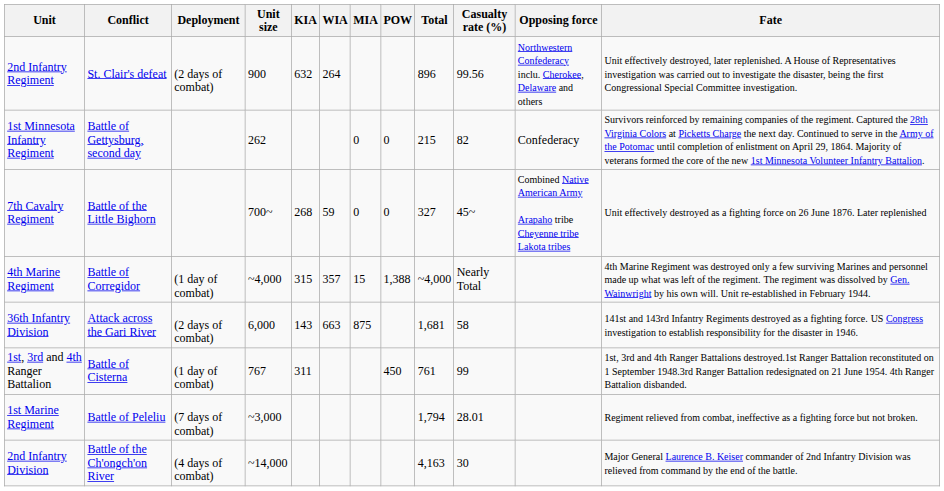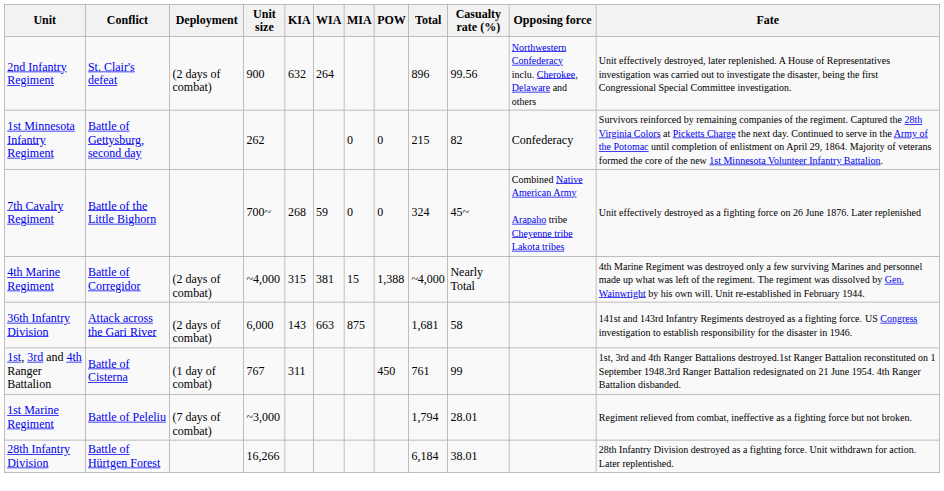 <table class="wikitable sortable">
 <tr>
 <th>Unit</th>
 <th>Conflict</th>
 <th>Deployment</th>
 <th>Unit size</th>
 <th data-sort-type="number">KIA</th>
 <th data-sort-type="number">WIA</th>
 <th data-sort-type="number">MIA</th>
 <th data-sort-type="number">POW</th>
 <th data-sort-type="number">Total</th>
 <th>Casualty rate (%)</th>
 <th>Opposing force</th>
 <th>Fate</th>
 </tr>
 <tr>
 <td><a href='#'>2nd Infantry Regiment</a></td>
 <td><a href='#'>St. Clair's defeat</a></td>
 <td><br>(2 days of combat)</td>
 <td>900</td>
 <td>632</td>
 <td>264</td>
 <td></td>
 <td></td>
 <td>896</td>
 <td>99.56</td>
 <td><small><a href='#'>Northwestern Confederacy</a></small><br><small> inclu. <a href='#'>Cherokee</a>, <a href='#'>Delaware</a> and others</small></td>
 <td><small>Unit effectively destroyed, later replenished. A House of Representatives investigation was carried out to investigate the disaster, being the first Congressional Special Committee investigation.</small></td>
 </tr>
 <tr>
 <td><a href='#'>1st Minnesota Infantry Regiment</a></td>
 <td><a href='#'>Battle of Gettysburg, second day</a></td>
 <td></td>
 <td>262</td>
 <td></td>
 <td></td>
 <td>0</td>
 <td>0</td>
 <td>215  </td>
 <td>82</td>
 <td> Confederacy</td>
 <td><small>Survivors reinforced by remaining companies of the regiment. Captured the <a href='#'>28th Virginia Colors</a> at <a href='#'>Picketts Charge</a> the next day. Continued to serve in the <a href='#'>Army of the Potomac</a> until completion of enlistment on April 29, 1864. Majority of veterans formed the core of the new <a href='#'>1st Minnesota Volunteer Infantry Battalion</a>.</small></td>
 </tr>
 <tr>
 <td><a href='#'>7th Cavalry Regiment</a></td>
 <td><a href='#'>Battle of the Little Bighorn</a></td>
 <td></td>
 <td>700~</td>
 <td>268</td>
 <td>59</td>
 <td>0</td>
 <td>0</td>
-<td>327 </td>
+<td>324 </td>
 <td>45~</td>
 <td><small>Combined <a href='#'>Native American Army</a></small><br><br> <small><a href='#'>Arapaho</a> tribe</small><br>  <small><a href='#'>Cheyenne tribe</a></small><br> <small><a href='#'>Lakota tribes</a></small><br></td>
 <td><small>Unit effectively destroyed as a fighting force on 26 June 1876. Later replenished</small></td>
 </tr>
 <tr>
 <td><a href='#'>4th Marine Regiment</a></td>
 <td><a href='#'>Battle of Corregidor</a></td>
-<td><br>(1 day of combat)</td>
+<td><br>(2 days of combat)</td>
 <td>~4,000</td>
 <td>315</td>
-<td>357</td>
+<td>381</td>
 <td>15</td>
 <td>1,388</td>
 <td>~4,000</td>
 <td>Nearly Total</td>
 <td></td>
 <td><small>4th Marine Regiment was destroyed only a few surviving Marines and personnel made up what was left of the regiment.</small> <small>The regiment was dissolved by <a href='#'>Gen. Wainwright</a> by his own will. Unit re-established in February 1944.</small></td>
 </tr>
 <tr>
 <td><a href='#'>36th Infantry Division</a></td>
 <td><a href='#'>Attack across the Gari River</a></td>
 <td><br>(2 days of combat)</td>
 <td>6,000</td>
 <td>143</td>
 <td>663</td>
 <td>875</td>
 <td></td>
 <td>1,681</td>
 <td>58</td>
 <td></td>
 <td><small>141st and 143rd Infantry Regiments destroyed as a fighting force.</small> <small>US <a href='#'>Congress</a> investigation to establish responsibility for the disaster in 1946.</small></td>
 </tr>
 <tr>
 <td><a href='#'>1st</a>, <a href='#'>3rd</a> and <a href='#'>4th</a> Ranger Battalion</td>
 <td><a href='#'>Battle of Cisterna</a></td>
 <td><br>(1 day of combat)</td>
 <td>767</td>
 <td>311</td>
 <td></td>
 <td></td>
 <td>450</td>
 <td>761</td>
 <td>99</td>
 <td></td>
 <td><small>1st, 3rd and 4th Ranger Battalions destroyed.</small><small>1st Ranger Battalion reconstituted on 1 September 1948.</small><small>3rd Ranger Battalion redesignated on 21 June 1954. 4th Ranger Battalion disbanded.</small></td>
 </tr>
 <tr>
 <td><a href='#'>1st Marine Regiment</a></td>
 <td><a href='#'>Battle of Peleliu</a></td>
 <td><br>(7 days of combat)</td>
 <td>~3,000</td>
 <td></td>
 <td></td>
 <td></td>
 <td></td>
 <td>1,794</td>
 <td>28.01</td>
 <td></td>
 <td><small>Regiment relieved from combat, ineffective as a fighting force but not broken.</small></td>
 </tr>
 <tr>
-<td><a href='#'>2nd Infantry Division</a></td>
-<td><a href='#'>Battle of the Ch'ongch'on River</a></td>
-<td><br>(4 days of combat)</td>
-<td>~14,000</td>
+<td><a href='#'>28th Infantry Division</a></td>
+<td><a href='#'>Battle of Hürtgen Forest</a></td>
+<td></td>
+<td>16,266</td>
 <td></td>
 <td></td>
 <td></td>
 <td></td>
-<td>4,163</td>
-<td>30</td>
-<td><br></td>
-<td><small>Major General <a href='#'>Laurence B. Keiser</a> commander of 2nd Infantry Division was relieved from command by the end of the battle.</small></td>
+<td>6,184</td>
+<td>38.01</td>
+<td></td>
+<td><small>28th Infantry Division destroyed as a fighting force. Unit withdrawn for action. Later replentished.</small></td>
 </tr>
 </table>
